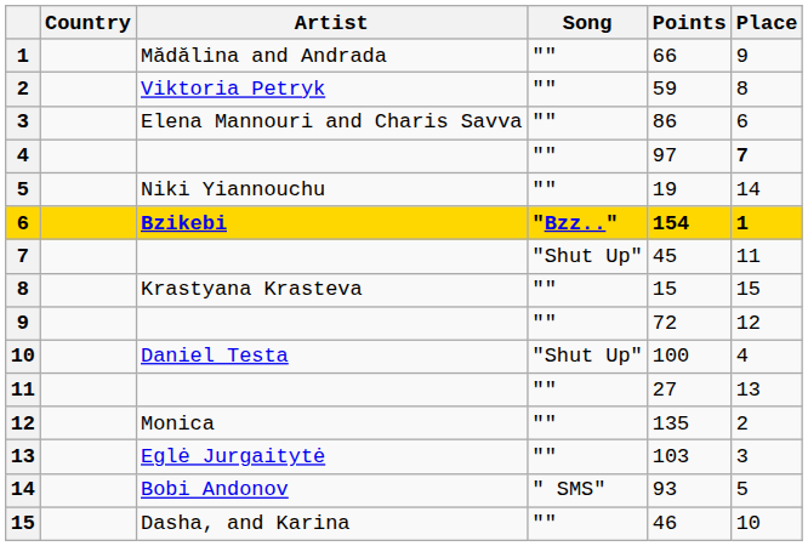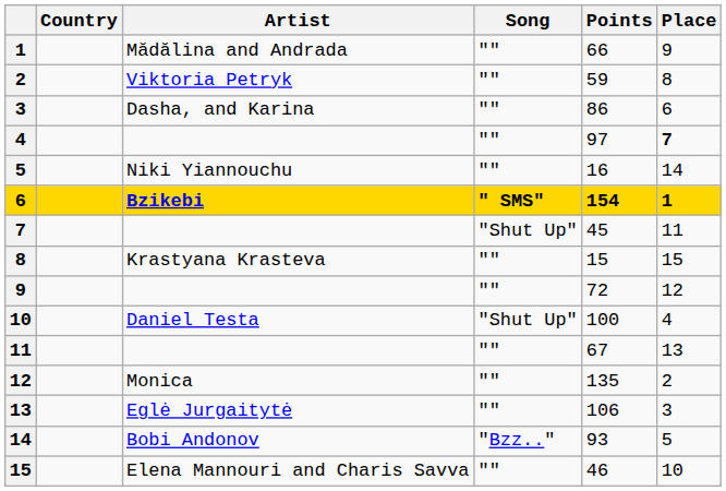 <table class="sortable wikitable plainrowheaders">
 <tr>
 <th scope="col"></th>
 <th scope="col">Country</th>
 <th scope="col">Artist</th>
 <th scope="col">Song</th>
 <th scope="col">Points</th>
 <th scope="col">Place</th>
 </tr>
 <tr>
 <th scope="row" style="text-align:center;">1</th>
 <td></td>
 <td>Mădălina and Andrada</td>
 <td>""</td>
 <td>66</td>
 <td>9</td>
 </tr>
 <tr>
 <th scope="row" style="text-align:center;">2</th>
 <td></td>
 <td><a href='#'>Viktoria Petryk</a></td>
 <td>""</td>
 <td>59</td>
 <td>8</td>
 </tr>
 <tr>
 <th scope="row" style="text-align:center;">3</th>
 <td></td>
-<td>Elena Mannouri and Charis Savva</td>
+<td>Dasha,  and Karina</td>
 <td>""</td>
 <td>86</td>
 <td>6</td>
 </tr>
 <tr>
 <th scope="row" style="text-align:center;">4</th>
 <td></td>
 <td></td>
 <td>""</td>
 <td>97</td>
 <td><strong>7</strong></td>
 </tr>
 <tr>
 <th scope="row" style="text-align:center;">5</th>
 <td></td>
 <td>Niki Yiannouchu</td>
 <td>""</td>
-<td>19</td>
+<td>16</td>
 <td>14</td>
 </tr>
 <tr style="font-weight:bold; background:gold;">
 <th scope="row" style="text-align:center; font-weight:bold; background:gold;">6</th>
 <td></td>
 <td><a href='#'>Bzikebi</a></td>
-<td>"<a href='#'>Bzz..</a>"</td>
+<td>" SMS"</td>
 <td>154</td>
 <td>1</td>
 </tr>
 <tr>
 <th scope="row" style="text-align:center;">7</th>
 <td></td>
 <td></td>
 <td>"Shut Up"</td>
 <td>45</td>
 <td>11</td>
 </tr>
 <tr>
 <th scope="row" style="text-align:center;">8</th>
 <td></td>
 <td>Krastyana Krasteva</td>
 <td>""</td>
 <td>15</td>
 <td>15</td>
 </tr>
 <tr>
 <th scope="row" style="text-align:center;">9</th>
 <td></td>
 <td></td>
 <td>""</td>
 <td>72</td>
 <td>12</td>
 </tr>
 <tr>
 <th scope="row" style="text-align:center;">10</th>
 <td></td>
 <td><a href='#'>Daniel Testa</a></td>
 <td>"Shut Up"</td>
 <td>100</td>
 <td>4</td>
 </tr>
 <tr>
 <th scope="row" style="text-align:center;">11</th>
 <td></td>
 <td></td>
 <td>""</td>
-<td>27</td>
+<td>67</td>
 <td>13</td>
 </tr>
 <tr>
 <th scope="row" style="text-align:center;">12</th>
 <td></td>
 <td>Monica</td>
 <td>""</td>
 <td>135</td>
 <td>2</td>
 </tr>
 <tr>
 <th scope="row" style="text-align:center;">13</th>
 <td></td>
 <td><a href='#'>Eglė Jurgaitytė</a></td>
 <td>""</td>
-<td>103</td>
+<td>106</td>
 <td>3</td>
 </tr>
 <tr>
 <th scope="row" style="text-align:center;">14</th>
 <td></td>
 <td><a href='#'>Bobi Andonov</a></td>
-<td>" SMS"</td>
+<td>"<a href='#'>Bzz..</a>"</td>
 <td>93</td>
 <td>5</td>
 </tr>
 <tr>
 <th scope="row" style="text-align:center;">15</th>
 <td></td>
-<td>Dasha,  and Karina</td>
+<td>Elena Mannouri and Charis Savva</td>
 <td>""</td>
 <td>46</td>
 <td>10</td>
 </tr>
 </table>
